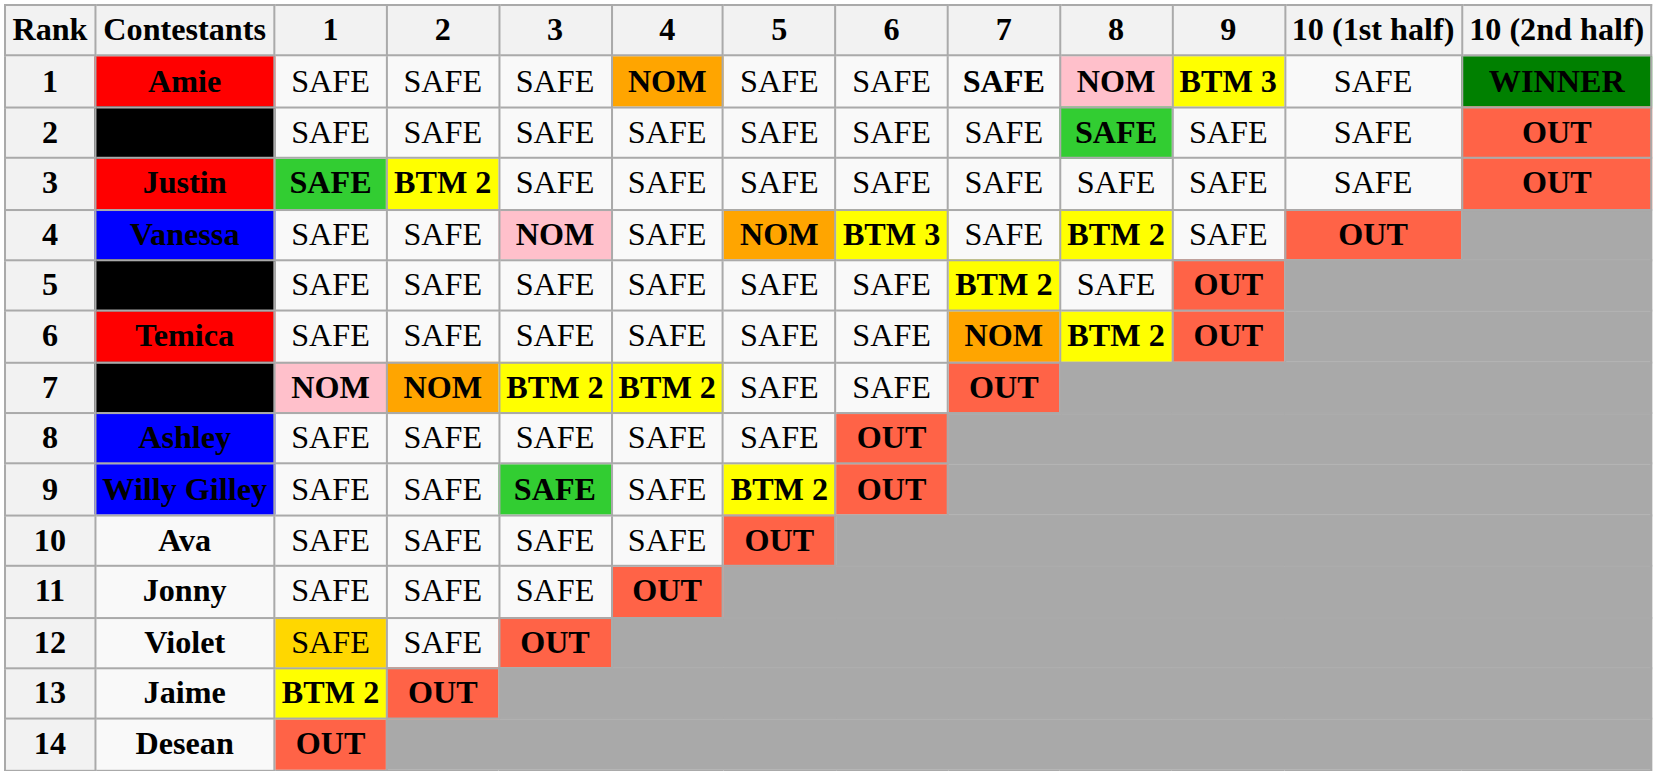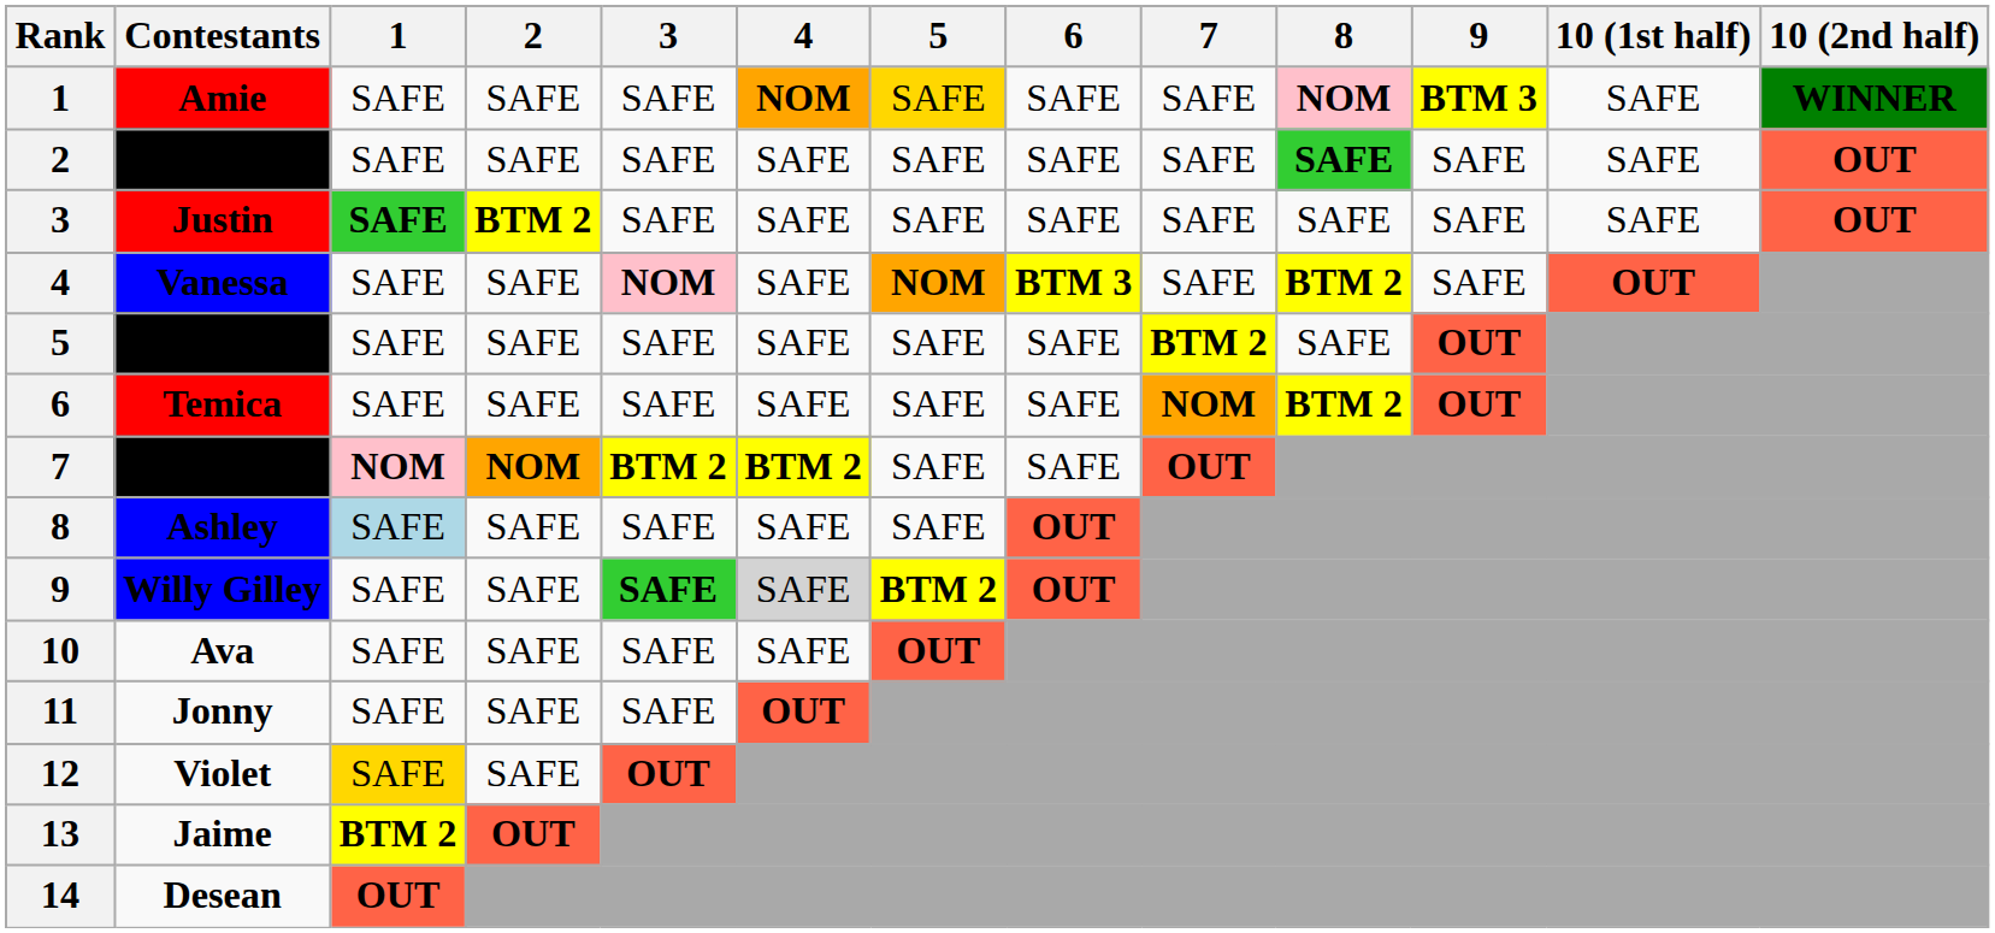 <table class="wikitable" style="text-align:center" align="center">
 <tr>
 <th>Rank</th>
 <th><strong>Contestants</strong></th>
 <th>1</th>
 <th>2</th>
 <th>3</th>
 <th>4</th>
 <th>5</th>
 <th>6</th>
 <th>7</th>
 <th>8</th>
 <th>9</th>
 <th>10 (1st half)</th>
 <th>10 (2nd half)</th>
 </tr>
 <tr>
 <th>1</th>
 <td style="background:red;"><span> <strong>Amie</strong></span></td>
 <td>SAFE</td>
 <td>SAFE</td>
 <td>SAFE</td>
 <td bgcolor="orange"><strong>NOM</strong></td>
+<td style="background: gold;">SAFE</td>
 <td>SAFE</td>
 <td>SAFE</td>
-<td><strong>SAFE</strong></td>
 <td bgcolor="pink"><strong>NOM</strong></td>
 <td bgcolor="yellow"><strong>BTM 3</strong></td>
 <td>SAFE</td>
 <td bgcolor="green"><strong>WINNER</strong></td>
 </tr>
 <tr>
 <th>2</th>
 <td style="background:black;"><span> <strong>Rusty</strong></span></td>
 <td>SAFE</td>
 <td>SAFE</td>
 <td>SAFE</td>
 <td>SAFE</td>
 <td>SAFE</td>
 <td>SAFE</td>
 <td>SAFE</td>
 <td bgcolor="limegreen"><strong>SAFE</strong></td>
 <td>SAFE</td>
 <td>SAFE</td>
 <td bgcolor="tomato"><strong>OUT</strong></td>
 </tr>
 <tr>
 <th>3</th>
 <td style="background:red;"><span> <strong>Justin</strong></span></td>
 <td bgcolor="limegreen"><strong>SAFE</strong></td>
 <td bgcolor="yellow"><strong>BTM 2</strong></td>
 <td>SAFE</td>
 <td>SAFE</td>
 <td>SAFE</td>
 <td>SAFE</td>
 <td>SAFE</td>
 <td>SAFE</td>
 <td>SAFE</td>
 <td>SAFE</td>
 <td bgcolor="tomato"><strong>OUT</strong></td>
 </tr>
 <tr>
 <th>4</th>
 <td style="background:blue;"><span> <strong>Vanessa</strong></span></td>
 <td>SAFE</td>
 <td>SAFE</td>
 <td bgcolor="pink"><strong>NOM</strong></td>
 <td>SAFE</td>
 <td bgcolor="orange"><strong>NOM</strong></td>
 <td bgcolor="yellow"><strong>BTM 3</strong></td>
 <td>SAFE</td>
 <td bgcolor="yellow"><strong>BTM 2</strong></td>
 <td>SAFE</td>
 <td bgcolor="tomato"><strong>OUT</strong></td>
 <td bgcolor="darkgray" colspan=1></td>
 </tr>
 <tr>
 <th>5</th>
 <td style="background:black;"><span> <strong>James</strong></span></td>
 <td>SAFE</td>
 <td>SAFE</td>
 <td>SAFE</td>
 <td>SAFE</td>
 <td>SAFE</td>
 <td>SAFE</td>
 <td bgcolor="yellow"><strong>BTM 2</strong></td>
 <td>SAFE</td>
 <td bgcolor="tomato"><strong>OUT</strong></td>
 <td bgcolor="darkgray" colspan=2></td>
 </tr>
 <tr>
 <th>6</th>
 <td style="background:red;"><span> <strong>Temica</strong></span></td>
 <td>SAFE</td>
 <td>SAFE</td>
 <td>SAFE</td>
 <td>SAFE</td>
 <td>SAFE</td>
 <td>SAFE</td>
 <td bgcolor="orange"><strong>NOM</strong></td>
 <td bgcolor="yellow"><strong>BTM 2</strong></td>
 <td bgcolor="tomato"><strong>OUT</strong></td>
 <td bgcolor="darkgray" colspan=2></td>
 </tr>
 <tr>
 <th>7</th>
 <td style="background:black;"><span> <strong>Chuck</strong></span></td>
 <td bgcolor="pink"><strong>NOM</strong></td>
 <td bgcolor="orange"><strong>NOM</strong></td>
 <td bgcolor="yellow"><strong>BTM 2</strong></td>
 <td bgcolor="yellow"><strong>BTM 2</strong></td>
 <td>SAFE</td>
 <td>SAFE</td>
 <td bgcolor="tomato"><strong>OUT</strong></td>
 <td bgcolor="darkgray" colspan=4></td>
 </tr>
 <tr>
 <th>8</th>
 <td style="background:blue;"><span> <strong>Ashley</strong></span></td>
-<td>SAFE</td>
+<td style="background: lightblue;">SAFE</td>
 <td>SAFE</td>
 <td>SAFE</td>
 <td>SAFE</td>
 <td>SAFE</td>
 <td bgcolor="tomato"><strong>OUT</strong></td>
 <td bgcolor="darkgray" colspan=5></td>
 </tr>
 <tr>
 <th>9</th>
 <td style="background:blue;"><span> <strong>Willy Gilley</strong></span></td>
 <td>SAFE</td>
 <td>SAFE</td>
 <td bgcolor="limegreen"><strong>SAFE</strong></td>
-<td>SAFE</td>
+<td style="background: lightgrey;">SAFE</td>
 <td bgcolor="yellow"><strong>BTM 2</strong></td>
 <td bgcolor="tomato"><strong>OUT</strong></td>
 <td bgcolor="darkgray" colspan=5></td>
 </tr>
 <tr>
 <th>10</th>
 <td><strong>Ava</strong></td>
 <td>SAFE</td>
 <td>SAFE</td>
 <td>SAFE</td>
 <td>SAFE</td>
 <td bgcolor="tomato"><strong>OUT</strong></td>
 <td bgcolor="darkgray" colspan=6></td>
 </tr>
 <tr>
 <th>11</th>
 <td><strong>Jonny</strong></td>
 <td>SAFE</td>
 <td>SAFE</td>
 <td>SAFE</td>
 <td bgcolor="tomato"><strong>OUT</strong></td>
 <td bgcolor="darkgray" colspan=7></td>
 </tr>
 <tr>
 <th>12</th>
 <td><strong>Violet</strong></td>
 <td style="background: gold;">SAFE</td>
 <td>SAFE</td>
 <td bgcolor="tomato"><strong>OUT</strong></td>
 <td bgcolor="darkgray" colspan=8></td>
 </tr>
 <tr>
 <th>13</th>
 <td><strong>Jaime</strong></td>
 <td bgcolor="yellow"><strong>BTM 2</strong></td>
 <td bgcolor="tomato"><strong>OUT</strong></td>
 <td bgcolor="darkgray" colspan=9></td>
 </tr>
 <tr>
 <th>14</th>
 <td><strong>Desean</strong></td>
 <td bgcolor="tomato"><strong>OUT</strong></td>
 <td bgcolor="darkgray" colspan=10></td>
 </tr>
 </table>
